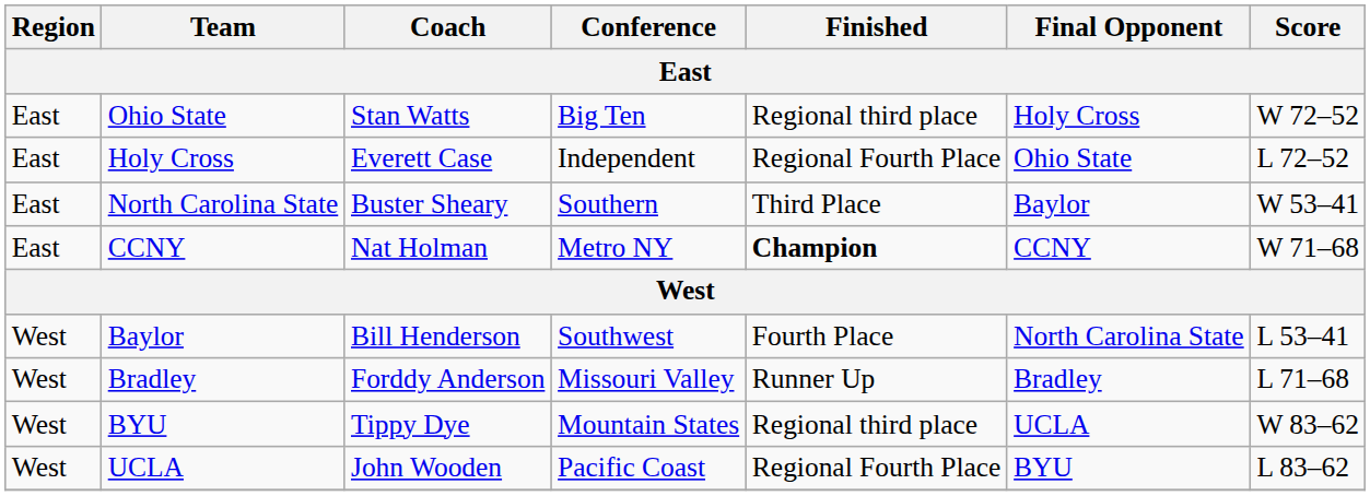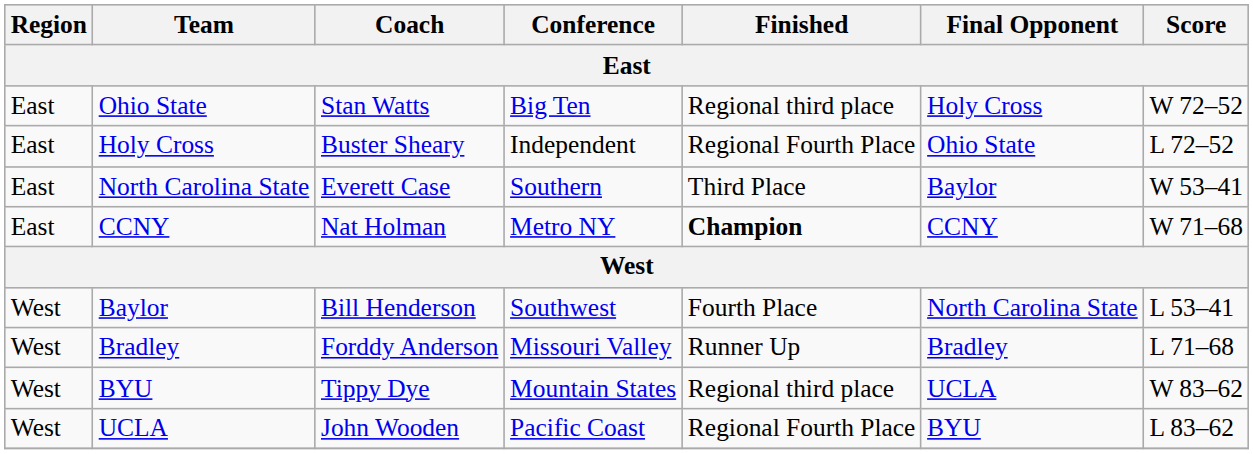 <table class=wikitable>
 <tr>
 <th>Region</th>
 <th>Team</th>
 <th>Coach</th>
 <th>Conference</th>
 <th>Finished</th>
 <th>Final Opponent</th>
 <th>Score</th>
 </tr>
 <tr>
 <th colspan=7>East</th>
 </tr>
 <tr>
 <td>East</td>
 <td><a href='#'>Ohio State</a></td>
 <td><a href='#'>Stan Watts</a></td>
 <td><a href='#'>Big Ten</a></td>
 <td>Regional third place</td>
 <td><a href='#'>Holy Cross</a></td>
 <td>W 72–52</td>
 </tr>
 <tr>
 <td>East</td>
 <td><a href='#'>Holy Cross</a></td>
-<td><a href='#'>Everett Case</a></td>
+<td><a href='#'>Buster Sheary</a></td>
 <td>Independent</td>
 <td>Regional Fourth Place</td>
 <td><a href='#'>Ohio State</a></td>
 <td>L 72–52</td>
 </tr>
 <tr>
 <td>East</td>
 <td><a href='#'>North Carolina State</a></td>
-<td><a href='#'>Buster Sheary</a></td>
+<td><a href='#'>Everett Case</a></td>
 <td><a href='#'>Southern</a></td>
 <td>Third Place</td>
 <td><a href='#'>Baylor</a></td>
 <td>W 53–41</td>
 </tr>
 <tr>
 <td>East</td>
 <td><a href='#'>CCNY</a></td>
 <td><a href='#'>Nat Holman</a></td>
 <td><a href='#'>Metro NY</a></td>
 <td><strong>Champion</strong></td>
 <td><a href='#'>CCNY</a></td>
 <td>W 71–68</td>
 </tr>
 <tr>
 <th colspan=7>West</th>
 </tr>
 <tr>
 <td>West</td>
 <td><a href='#'>Baylor</a></td>
 <td><a href='#'>Bill Henderson</a></td>
 <td><a href='#'>Southwest</a></td>
 <td>Fourth Place</td>
 <td><a href='#'>North Carolina State</a></td>
 <td>L 53–41</td>
 </tr>
 <tr>
 <td>West</td>
 <td><a href='#'>Bradley</a></td>
 <td><a href='#'>Forddy Anderson</a></td>
 <td><a href='#'>Missouri Valley</a></td>
 <td>Runner Up</td>
 <td><a href='#'>Bradley</a></td>
 <td>L 71–68</td>
 </tr>
 <tr>
 <td>West</td>
 <td><a href='#'>BYU</a></td>
 <td><a href='#'>Tippy Dye</a></td>
 <td><a href='#'>Mountain States</a></td>
 <td>Regional third place</td>
 <td><a href='#'>UCLA</a></td>
 <td>W 83–62</td>
 </tr>
 <tr>
 <td>West</td>
 <td><a href='#'>UCLA</a></td>
 <td><a href='#'>John Wooden</a></td>
 <td><a href='#'>Pacific Coast</a></td>
 <td>Regional Fourth Place</td>
 <td><a href='#'>BYU</a></td>
 <td>L 83–62</td>
 </tr>
 <tr>
 </tr>
 </table>
